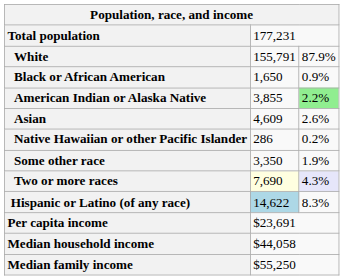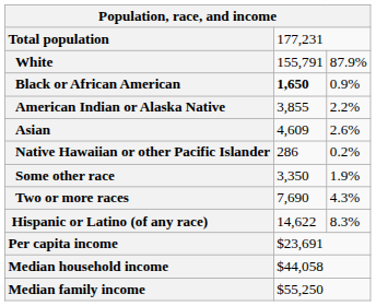 <table class="wikitable collapsible collapsed">
 <tr>
 <th colspan=6>Population, race, and income</th>
 </tr>
 <tr>
 <th scope="row" style="text-align: left;">Total population</th>
 <td colspan=2>177,231</td>
 </tr>
 <tr>
 <th scope="row" style="text-align: left;">  White</th>
 <td>155,791</td>
 <td>87.9%</td>
 </tr>
 <tr>
 <th scope="row" style="text-align: left;">  Black or African American</th>
-<td>1,650</td>
+<td><strong>1,650</strong></td>
 <td>0.9%</td>
 </tr>
 <tr>
 <th scope="row" style="text-align: left;">  American Indian or Alaska Native</th>
 <td>3,855</td>
-<td style="background: lightgreen;">2.2%</td>
+<td>2.2%</td>
 </tr>
 <tr>
 <th scope="row" style="text-align: left;">  Asian</th>
 <td>4,609</td>
 <td>2.6%</td>
 </tr>
 <tr>
 <th scope="row" style="text-align: left;">  Native Hawaiian or other Pacific Islander</th>
 <td>286</td>
 <td>0.2%</td>
 </tr>
 <tr>
 <th scope="row" style="text-align: left;">  Some other race</th>
 <td>3,350</td>
 <td>1.9%</td>
 </tr>
 <tr>
 <th scope="row" style="text-align: left;">  Two or more races</th>
-<td style="background: lightyellow;">7,690</td>
-<td style="background: lavender;">4.3%</td>
+<td>7,690</td>
+<td>4.3%</td>
 </tr>
 <tr>
 <th scope="row" style="text-align: left;"> Hispanic or Latino (of any race)</th>
-<td style="background: lightblue;">14,622</td>
+<td>14,622</td>
 <td>8.3%</td>
 </tr>
 <tr>
 <th scope="row" style="text-align: left;">Per capita income</th>
 <td colspan=2>$23,691</td>
 </tr>
 <tr>
 <th scope="row" style="text-align: left;">Median household income</th>
 <td colspan=2>$44,058</td>
 </tr>
 <tr>
 <th scope="row" style="text-align: left;">Median family income</th>
 <td colspan=2>$55,250</td>
 </tr>
 </table>
